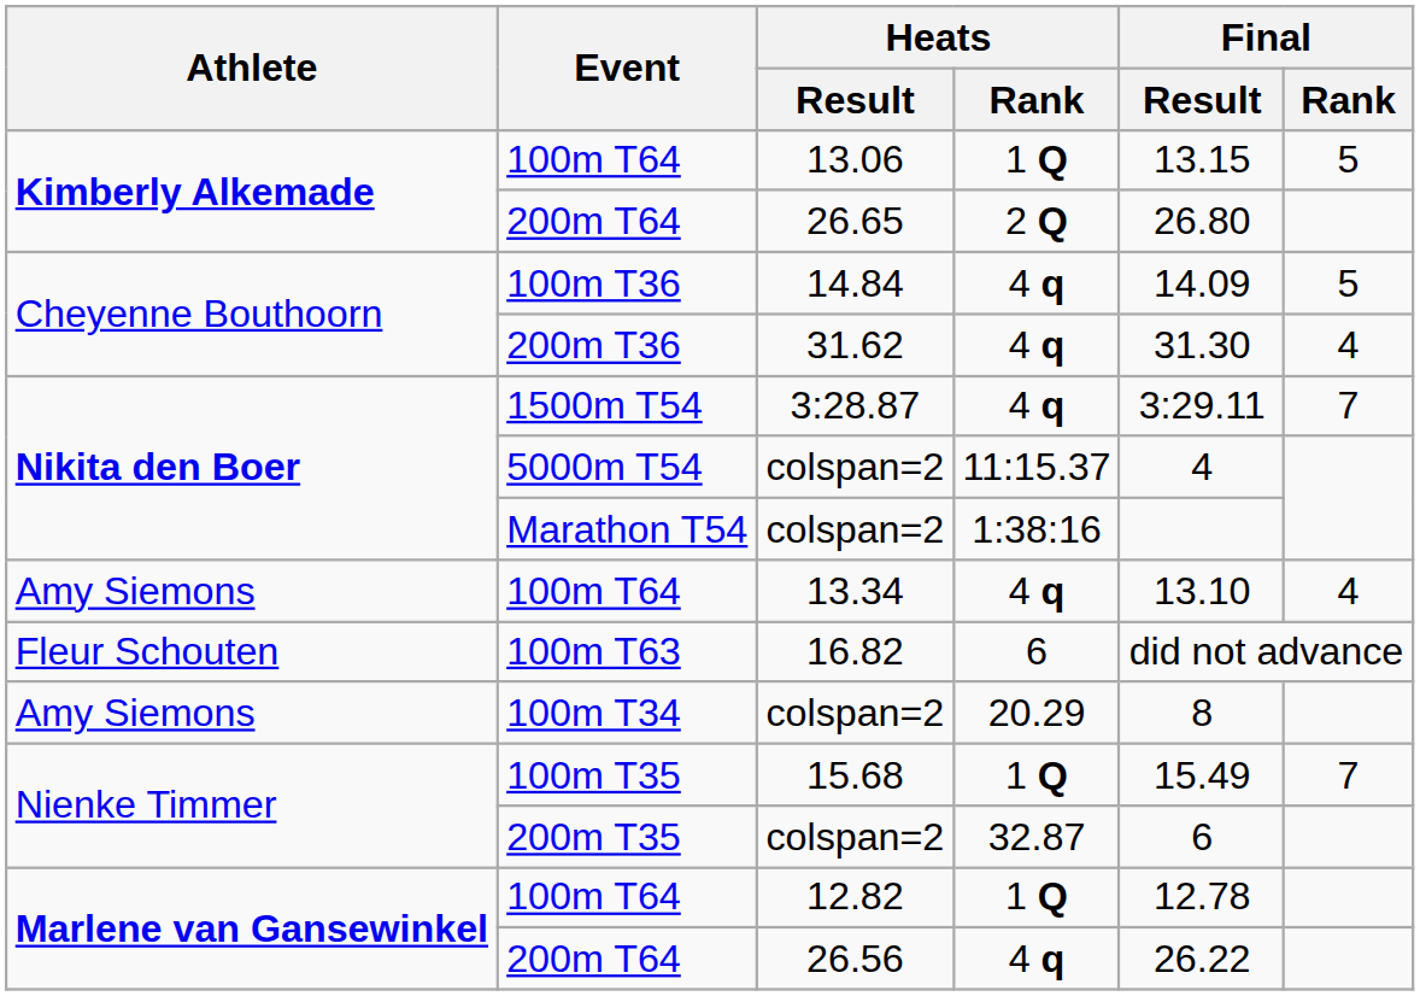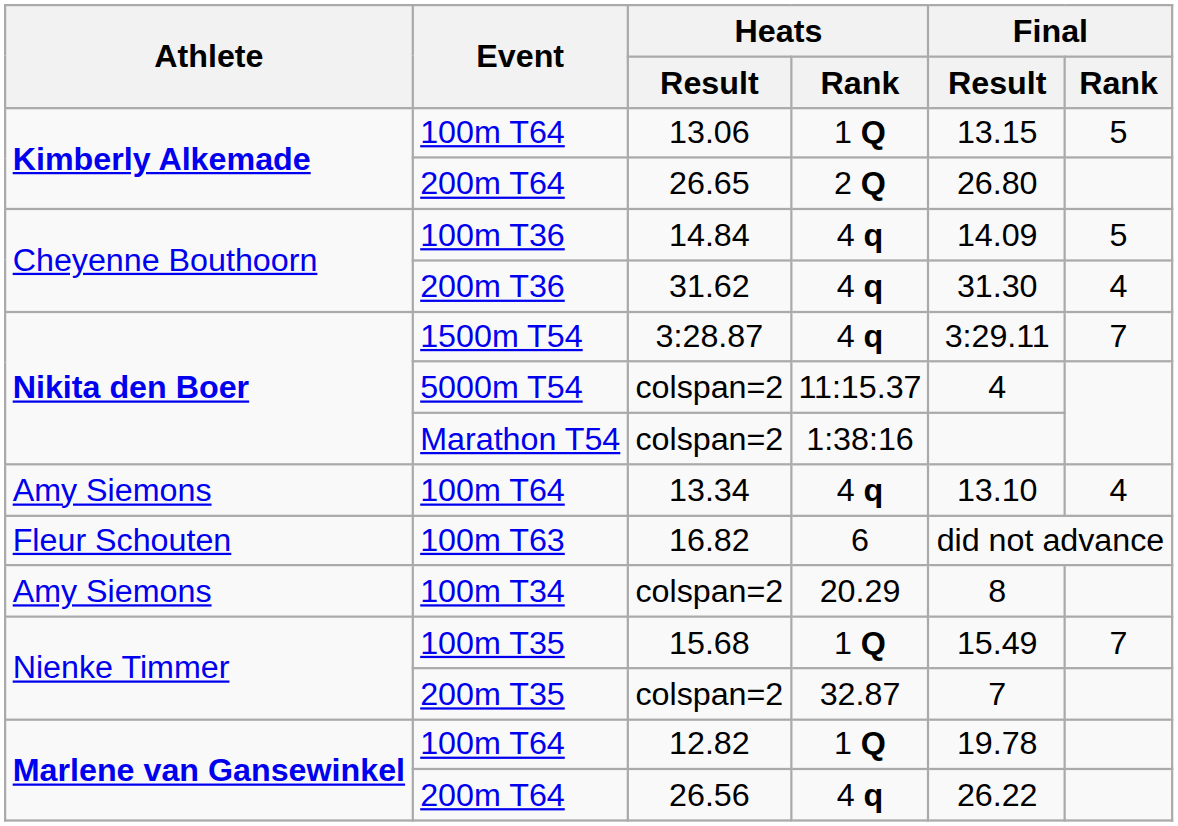 <table class=wikitable style="font-size:90%">
 <tr>
 <th rowspan="2">Athlete</th>
 <th rowspan="2">Event</th>
 <th colspan="2">Heats</th>
 <th colspan="3">Final</th>
 </tr>
 <tr>
 <th>Result</th>
 <th>Rank</th>
 <th>Result</th>
 <th>Rank</th>
 </tr>
 <tr align=center>
 <td align=left rowspan=2><strong><a href='#'>Kimberly Alkemade</a></strong></td>
 <td align=left><a href='#'>100m T64</a></td>
 <td>13.06</td>
 <td>1 <strong>Q</strong></td>
 <td>13.15</td>
 <td>5</td>
 </tr>
 <tr align=center>
 <td align=left><a href='#'>200m T64</a></td>
 <td>26.65</td>
 <td>2 <strong>Q</strong></td>
 <td>26.80</td>
 <td></td>
 </tr>
 <tr align=center>
 <td align=left rowspan=2><a href='#'>Cheyenne Bouthoorn</a></td>
 <td align=left><a href='#'>100m T36</a></td>
 <td>14.84</td>
 <td>4 <strong>q</strong></td>
 <td>14.09</td>
 <td>5</td>
 </tr>
 <tr align=center>
 <td align=left><a href='#'>200m T36</a></td>
 <td>31.62</td>
 <td>4 <strong>q</strong></td>
 <td>31.30</td>
 <td>4</td>
 </tr>
 <tr align=center>
 <td align=left rowspan=3><strong><a href='#'>Nikita den Boer</a></strong></td>
 <td align=left><a href='#'>1500m T54</a></td>
 <td>3:28.87</td>
 <td>4 <strong>q</strong></td>
 <td>3:29.11</td>
 <td>7</td>
 </tr>
 <tr align=center>
 <td align=left><a href='#'>5000m T54</a></td>
 <td>colspan=2 </td>
 <td>11:15.37</td>
 <td>4</td>
 </tr>
 <tr align=center>
 <td align=left><a href='#'>Marathon T54</a></td>
 <td>colspan=2 </td>
 <td>1:38:16</td>
 <td></td>
 </tr>
 <tr align=center>
 <td align=left><a href='#'>Amy Siemons</a></td>
 <td align=left><a href='#'>100m T64</a></td>
 <td>13.34</td>
 <td>4 <strong>q</strong></td>
 <td>13.10</td>
 <td>4</td>
 </tr>
 <tr align=center>
 <td align=left><a href='#'>Fleur Schouten</a></td>
 <td align=left><a href='#'>100m T63</a></td>
 <td>16.82</td>
 <td>6</td>
 <td colspan=2>did not advance</td>
 </tr>
 <tr align=center>
 <td align=left><a href='#'>Amy Siemons</a></td>
 <td align=left><a href='#'>100m T34</a></td>
 <td>colspan=2 </td>
 <td>20.29</td>
 <td>8</td>
 </tr>
 <tr align=center>
 <td align=left rowspan=2><a href='#'>Nienke Timmer</a></td>
 <td align=left><a href='#'>100m T35</a></td>
 <td>15.68</td>
 <td>1 <strong>Q</strong></td>
 <td>15.49</td>
 <td>7</td>
 </tr>
 <tr align=center>
 <td align=left><a href='#'>200m T35</a></td>
 <td>colspan=2 </td>
 <td>32.87</td>
-<td>6</td>
+<td>7</td>
 </tr>
 <tr align=center>
 <td align=left rowspan=2><strong><a href='#'>Marlene van Gansewinkel</a></strong></td>
 <td align=left><a href='#'>100m T64</a></td>
 <td>12.82 </td>
 <td>1 <strong>Q</strong></td>
-<td>12.78 </td>
+<td>19.78 </td>
 <td></td>
 </tr>
 <tr align=center>
 <td align=left><a href='#'>200m T64</a></td>
 <td>26.56</td>
 <td>4 <strong>q</strong></td>
 <td>26.22 </td>
 <td></td>
 </tr>
 </table>
